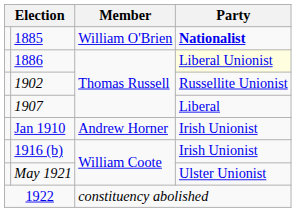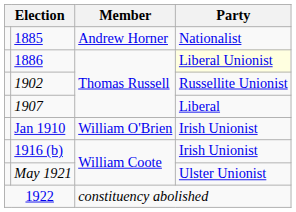 <table class="wikitable">
 <tr>
 <th colspan="2">Election</th>
 <th>Member</th>
 <th>Party</th>
 </tr>
 <tr>
 <td style="color:inherit;background-color: "></td>
 <td><a href='#'>1885</a></td>
-<td><a href='#'>William O'Brien</a></td>
-<td><strong><a href='#'>Nationalist</a></strong></td>
+<td><a href='#'>Andrew Horner</a></td>
+<td><a href='#'>Nationalist</a></td>
 </tr>
 <tr>
 <td style="color:inherit;background-color: "></td>
 <td><a href='#'>1886</a></td>
 <td rowspan="3"><a href='#'>Thomas Russell</a></td>
 <td style="background: lightyellow;"><a href='#'>Liberal Unionist</a></td>
 </tr>
 <tr>
 <td style="color:inherit;background-color: "></td>
 <td><em>1902</em></td>
 <td><a href='#'>Russellite Unionist</a></td>
 </tr>
 <tr>
 <td style="color:inherit;background-color: "></td>
 <td><em>1907</em></td>
 <td><a href='#'>Liberal</a></td>
 </tr>
 <tr>
 <td style="color:inherit;background-color: "></td>
 <td><a href='#'>Jan 1910</a></td>
-<td><a href='#'>Andrew Horner</a></td>
+<td><a href='#'>William O'Brien</a></td>
 <td><a href='#'>Irish Unionist</a></td>
 </tr>
 <tr>
 <td style="color:inherit;background-color: "></td>
 <td><a href='#'>1916 (b)</a></td>
 <td rowspan="2"><a href='#'>William Coote</a></td>
 <td><a href='#'>Irish Unionist</a></td>
 </tr>
 <tr>
 <td style="color:inherit;background-color: "></td>
 <td><em>May 1921</em></td>
 <td><a href='#'>Ulster Unionist</a></td>
 </tr>
 <tr>
 <td colspan="2" align="center"><a href='#'>1922</a></td>
 <td colspan="2"><em>constituency abolished</em></td>
 </tr>
 </table>
